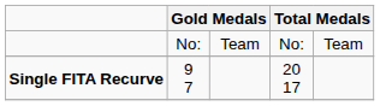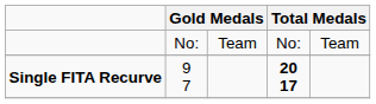 <table class="wikitable" style="text-align: center; font-size:95%;">
 <tr>
 <td></td>
 <th colspan=2>Gold Medals</th>
 <th colspan=2>Total Medals</th>
 </tr>
 <tr>
 <td></td>
 <td>No:</td>
 <td>Team</td>
 <td>No:</td>
 <td>Team</td>
 </tr>
 <tr>
 </tr>
 <tr>
 <td><strong>Single FITA Recurve</strong></td>
 <td>9 <br> 7</td>
 <td align="left"> <br> </td>
-<td>20 <br> 17</td>
+<td><strong>20 <br> 17</strong></td>
 <td align="left">  <br> </td>
 </tr>
 <tr>
 </tr>
 </table>
